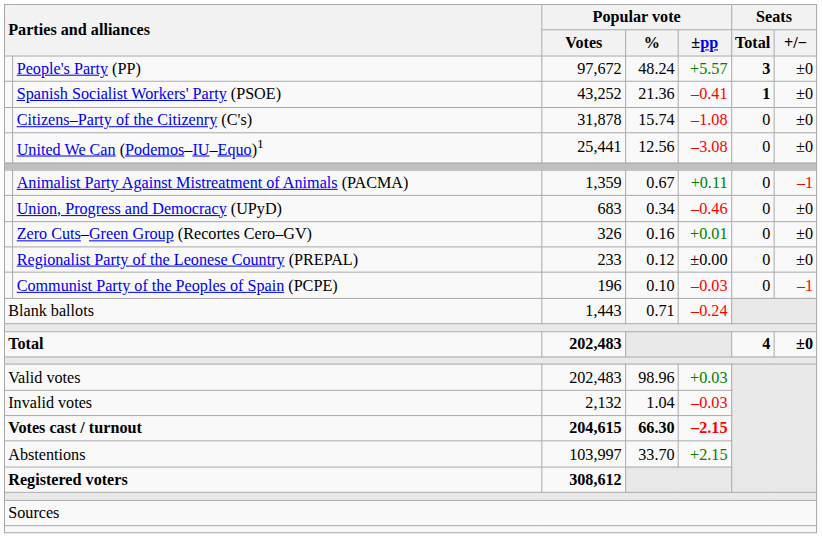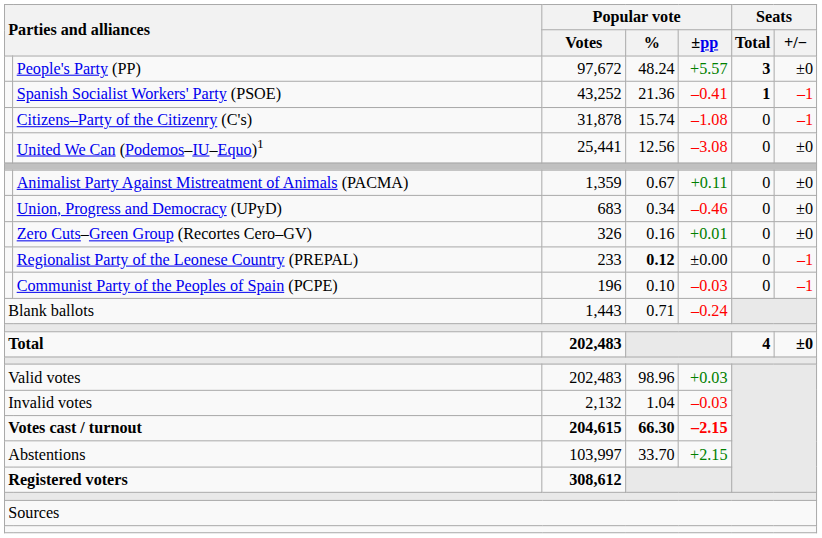 <table class="wikitable" style="text-align:right;">
 <tr>
 <th style="text-align:left;" rowspan="2" colspan="2" width="525">Parties and alliances</th>
 <th colspan="3">Popular vote</th>
 <th colspan="2">Seats</th>
 </tr>
 <tr>
 <th width="75">Votes</th>
 <th width="45">%</th>
 <th width="45">±<a href='#'>pp</a></th>
 <th width="35">Total</th>
 <th width="35">+/−</th>
 </tr>
 <tr>
 <td width="1" style="color:inherit;background:"></td>
 <td align="left"><a href='#'>People's Party</a> (PP)</td>
 <td>97,672</td>
 <td>48.24</td>
 <td style="color:green;">+5.57</td>
 <td><strong>3</strong></td>
 <td>±0</td>
 </tr>
 <tr>
 <td style="color:inherit;background:"></td>
 <td align="left"><a href='#'>Spanish Socialist Workers' Party</a> (PSOE)</td>
 <td>43,252</td>
 <td>21.36</td>
 <td style="color:red;">–0.41</td>
 <td><strong>1</strong></td>
-<td>±0</td>
+<td style="color:red;">–1</td>
 </tr>
 <tr>
 <td style="color:inherit;background:"></td>
 <td align="left"><a href='#'>Citizens–Party of the Citizenry</a> (C's)</td>
 <td>31,878</td>
 <td>15.74</td>
 <td style="color:red;">–1.08</td>
 <td>0</td>
-<td>±0</td>
+<td style="color:red;">–1</td>
 </tr>
 <tr>
 <td style="color:inherit;background:"></td>
 <td align="left"><a href='#'>United We Can</a> (<a href='#'>Podemos</a>–<a href='#'>IU</a>–<a href='#'>Equo</a>)<sup>1</sup></td>
 <td>25,441</td>
 <td>12.56</td>
 <td style="color:red;">–3.08</td>
 <td>0</td>
 <td>±0</td>
 </tr>
 <tr>
 <td colspan="7" bgcolor="#C0C0C0"></td>
 </tr>
 <tr>
 <td style="color:inherit;background:"></td>
 <td align="left"><a href='#'>Animalist Party Against Mistreatment of Animals</a> (PACMA)</td>
 <td>1,359</td>
 <td>0.67</td>
 <td style="color:green;">+0.11</td>
 <td>0</td>
-<td style="color:red;">–1</td>
+<td>±0</td>
 </tr>
 <tr>
 <td style="color:inherit;background:"></td>
 <td align="left"><a href='#'>Union, Progress and Democracy</a> (UPyD)</td>
 <td>683</td>
 <td>0.34</td>
 <td style="color:red;">–0.46</td>
 <td>0</td>
 <td>±0</td>
 </tr>
 <tr>
 <td style="color:inherit;background:"></td>
 <td align="left"><a href='#'>Zero Cuts</a>–<a href='#'>Green Group</a> (Recortes Cero–GV)</td>
 <td>326</td>
 <td>0.16</td>
 <td style="color:green;">+0.01</td>
 <td>0</td>
 <td>±0</td>
 </tr>
 <tr>
 <td style="color:inherit;background:"></td>
 <td align="left"><a href='#'>Regionalist Party of the Leonese Country</a> (PREPAL)</td>
 <td>233</td>
-<td>0.12</td>
+<td><strong>0.12</strong></td>
 <td>±0.00</td>
 <td>0</td>
-<td>±0</td>
+<td style="color:red;">–1</td>
 </tr>
 <tr>
 <td style="color:inherit;background:"></td>
 <td align="left"><a href='#'>Communist Party of the Peoples of Spain</a> (PCPE)</td>
 <td>196</td>
 <td>0.10</td>
 <td style="color:red;">–0.03</td>
 <td>0</td>
 <td style="color:red;">–1</td>
 </tr>
 <tr>
 <td align="left" colspan="2">Blank ballots</td>
 <td>1,443</td>
 <td>0.71</td>
 <td style="color:red;">–0.24</td>
 <td bgcolor="#E9E9E9" colspan="2"></td>
 </tr>
 <tr>
 <td colspan="7" bgcolor="#E9E9E9"></td>
 </tr>
 <tr style="font-weight:bold;">
 <td align="left" colspan="2">Total</td>
 <td>202,483</td>
 <td bgcolor="#E9E9E9" colspan="2"></td>
 <td>4</td>
 <td>±0</td>
 </tr>
 <tr>
 <td colspan="7" bgcolor="#E9E9E9"></td>
 </tr>
 <tr>
 <td align="left" colspan="2">Valid votes</td>
 <td>202,483</td>
 <td>98.96</td>
 <td style="color:green;">+0.03</td>
 <td bgcolor="#E9E9E9" colspan="2" rowspan="5"></td>
 </tr>
 <tr>
 <td align="left" colspan="2">Invalid votes</td>
 <td>2,132</td>
 <td>1.04</td>
 <td style="color:red;">–0.03</td>
 </tr>
 <tr style="font-weight:bold;">
 <td align="left" colspan="2">Votes cast / turnout</td>
 <td>204,615</td>
 <td>66.30</td>
 <td style="color:red;">–2.15</td>
 </tr>
 <tr>
 <td align="left" colspan="2">Abstentions</td>
 <td>103,997</td>
 <td>33.70</td>
 <td style="color:green;">+2.15</td>
 </tr>
 <tr style="font-weight:bold;">
 <td align="left" colspan="2">Registered voters</td>
 <td>308,612</td>
 <td bgcolor="#E9E9E9" colspan="2"></td>
 </tr>
 <tr>
 <td colspan="7" bgcolor="#E9E9E9"></td>
 </tr>
 <tr>
 <td align="left" colspan="7">Sources</td>
 </tr>
 <tr>
 <td colspan="7" style="text-align:left; max-width:790px;"></td>
 </tr>
 </table>
